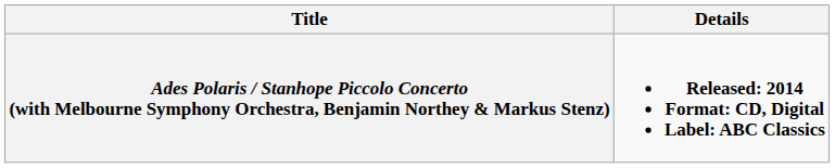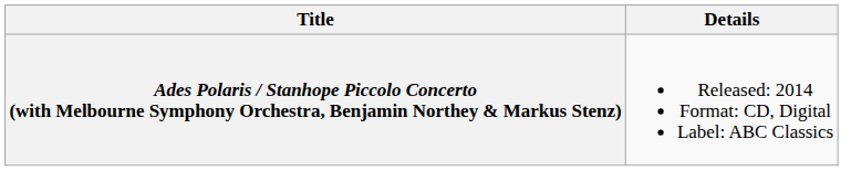 <table class="wikitable plainrowheaders" style="text-align:center;" border="1">
 <tr>
 <th>Title</th>
 <th>Details</th>
 </tr>
 <tr>
 <th scope="row"><em>Ades Polaris / Stanhope Piccolo Concerto</em> <br> (with Melbourne Symphony Orchestra, Benjamin Northey & Markus Stenz)</th>
-<td><strong><br><ul><li>Released: 2014</li><li>Format: CD, Digital</li><li>Label: ABC Classics</li></ul></strong></td>
+<td><br><ul><li>Released: 2014</li><li>Format: CD, Digital</li><li>Label: ABC Classics</li></ul></td>
 </tr>
 </table>
